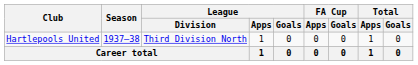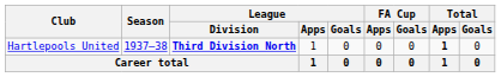 <table class="wikitable" style="text-align: center">
 <tr>
 <th rowspan="2">Club</th>
 <th rowspan="2">Season</th>
 <th colspan="3">League</th>
 <th colspan="2">FA Cup</th>
 <th colspan="2">Total</th>
 </tr>
 <tr>
 <th>Division</th>
 <th>Apps</th>
 <th>Goals</th>
 <th>Apps</th>
 <th>Goals</th>
 <th>Apps</th>
 <th>Goals</th>
 </tr>
 <tr>
 <td><a href='#'>Hartlepools United</a></td>
 <td><a href='#'>1937–38</a></td>
-<td><a href='#'>Third Division North</a></td>
+<td><strong><a href='#'>Third Division North</a></strong></td>
 <td>1</td>
 <td>0</td>
 <td>0</td>
 <td>0</td>
-<td>1</td>
+<td><strong>1</strong></td>
 <td>0</td>
 </tr>
 <tr>
 <th colspan="3">Career total</th>
 <th>1</th>
 <th>0</th>
 <th>0</th>
 <th>0</th>
 <th>1</th>
 <th>0</th>
 </tr>
 </table>
